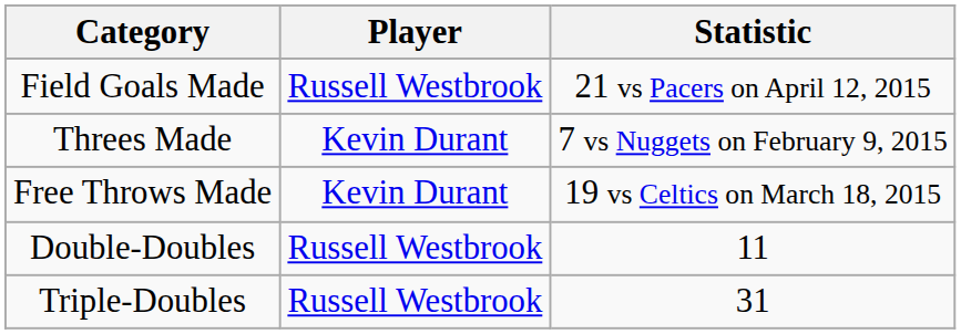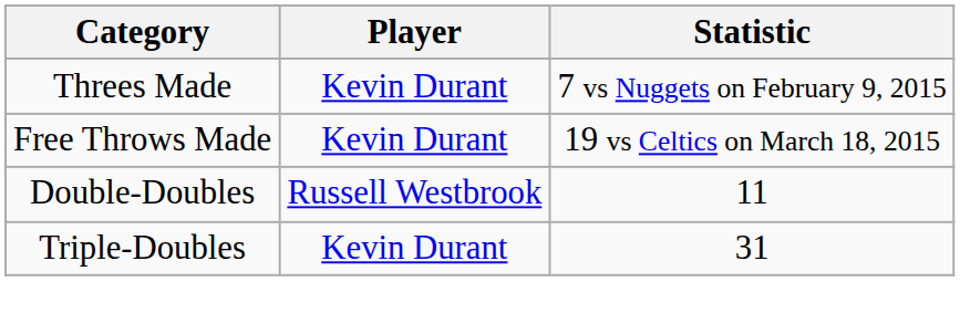 <table class="wikitable sortable sortable" style="text-align: center">
 <tr>
 <th>Category</th>
 <th>Player</th>
 <th>Statistic</th>
-</tr>
-<tr style="text-align: center">
-<td>Field Goals Made</td>
-<td><a href='#'>Russell Westbrook</a></td>
-<td>21 <small>vs <a href='#'>Pacers</a> on April 12, 2015</small></td>
 </tr>
 <tr style="text-align: center">
 <td>Threes Made</td>
 <td><a href='#'>Kevin Durant</a></td>
 <td>7 <small>vs <a href='#'>Nuggets</a> on February 9, 2015</small></td>
 </tr>
 <tr style="text-align: center">
 <td>Free Throws Made</td>
 <td><a href='#'>Kevin Durant</a></td>
 <td>19 <small>vs <a href='#'>Celtics</a> on March 18, 2015</small></td>
 </tr>
 <tr style="text-align: center">
 <td>Double-Doubles</td>
 <td><a href='#'>Russell Westbrook</a></td>
 <td>11</td>
 </tr>
 <tr style="text-align: center">
 <td>Triple-Doubles</td>
-<td><a href='#'>Russell Westbrook</a></td>
+<td><a href='#'>Kevin Durant</a></td>
 <td>31</td>
 </tr>
 </table>
